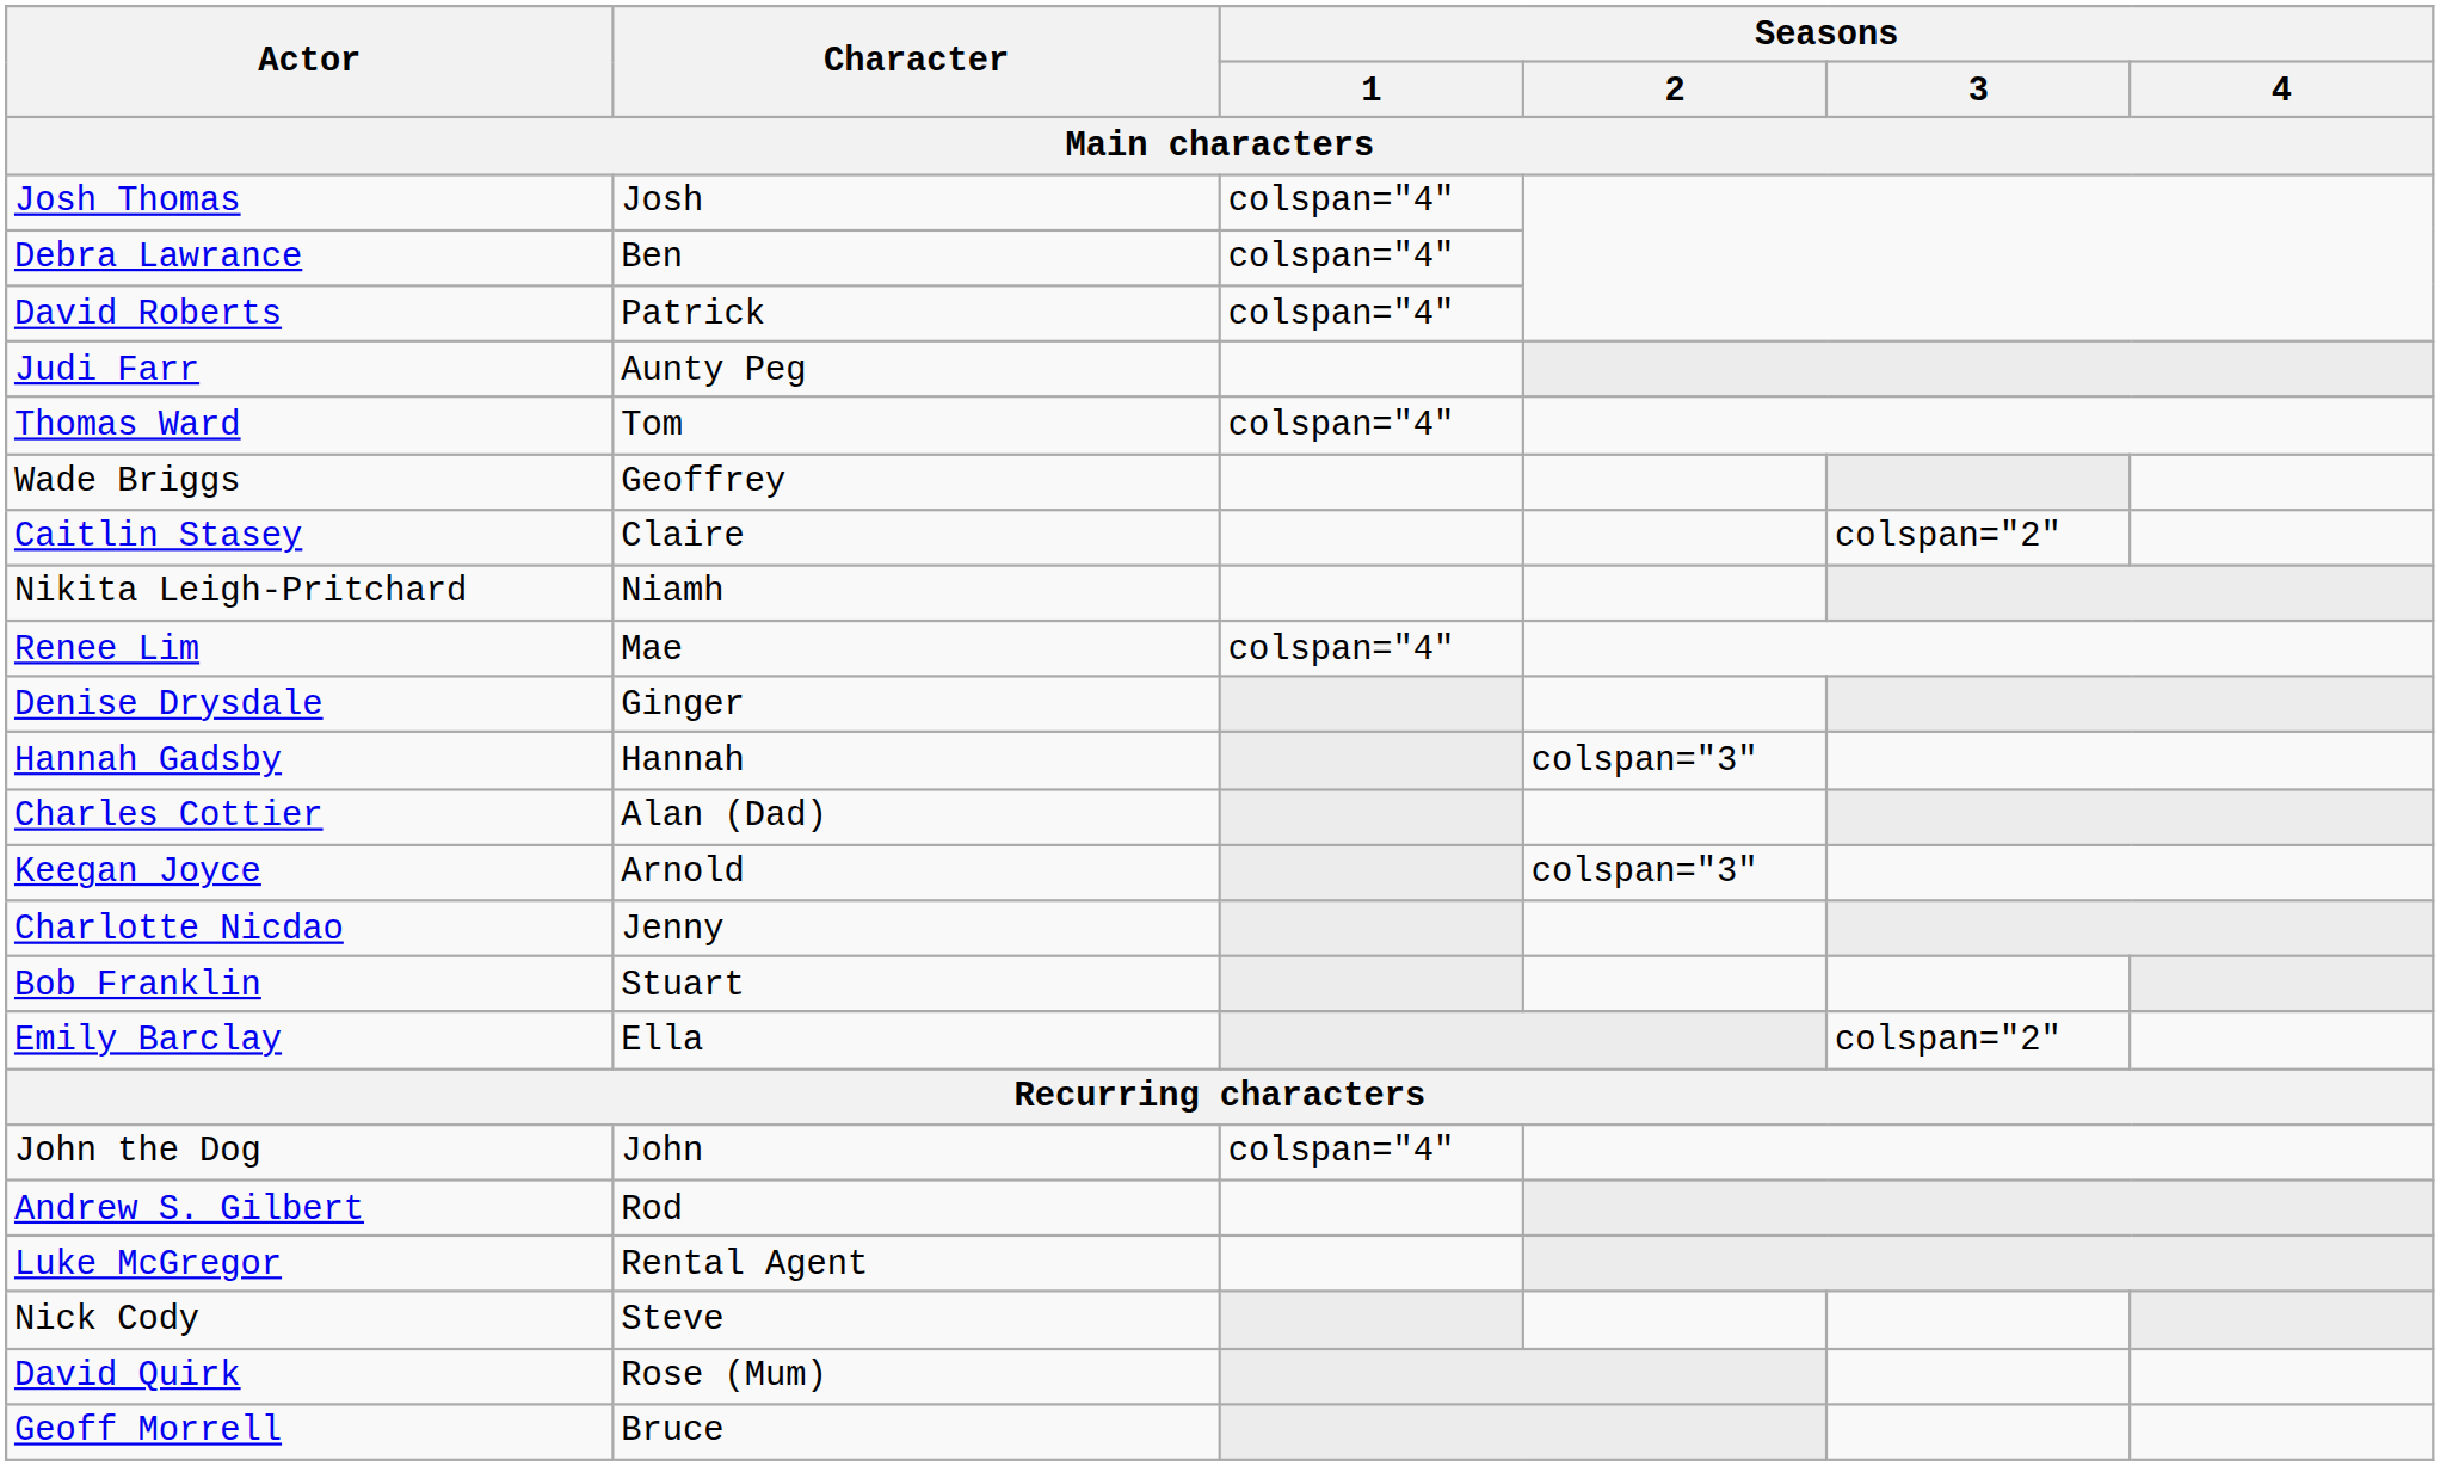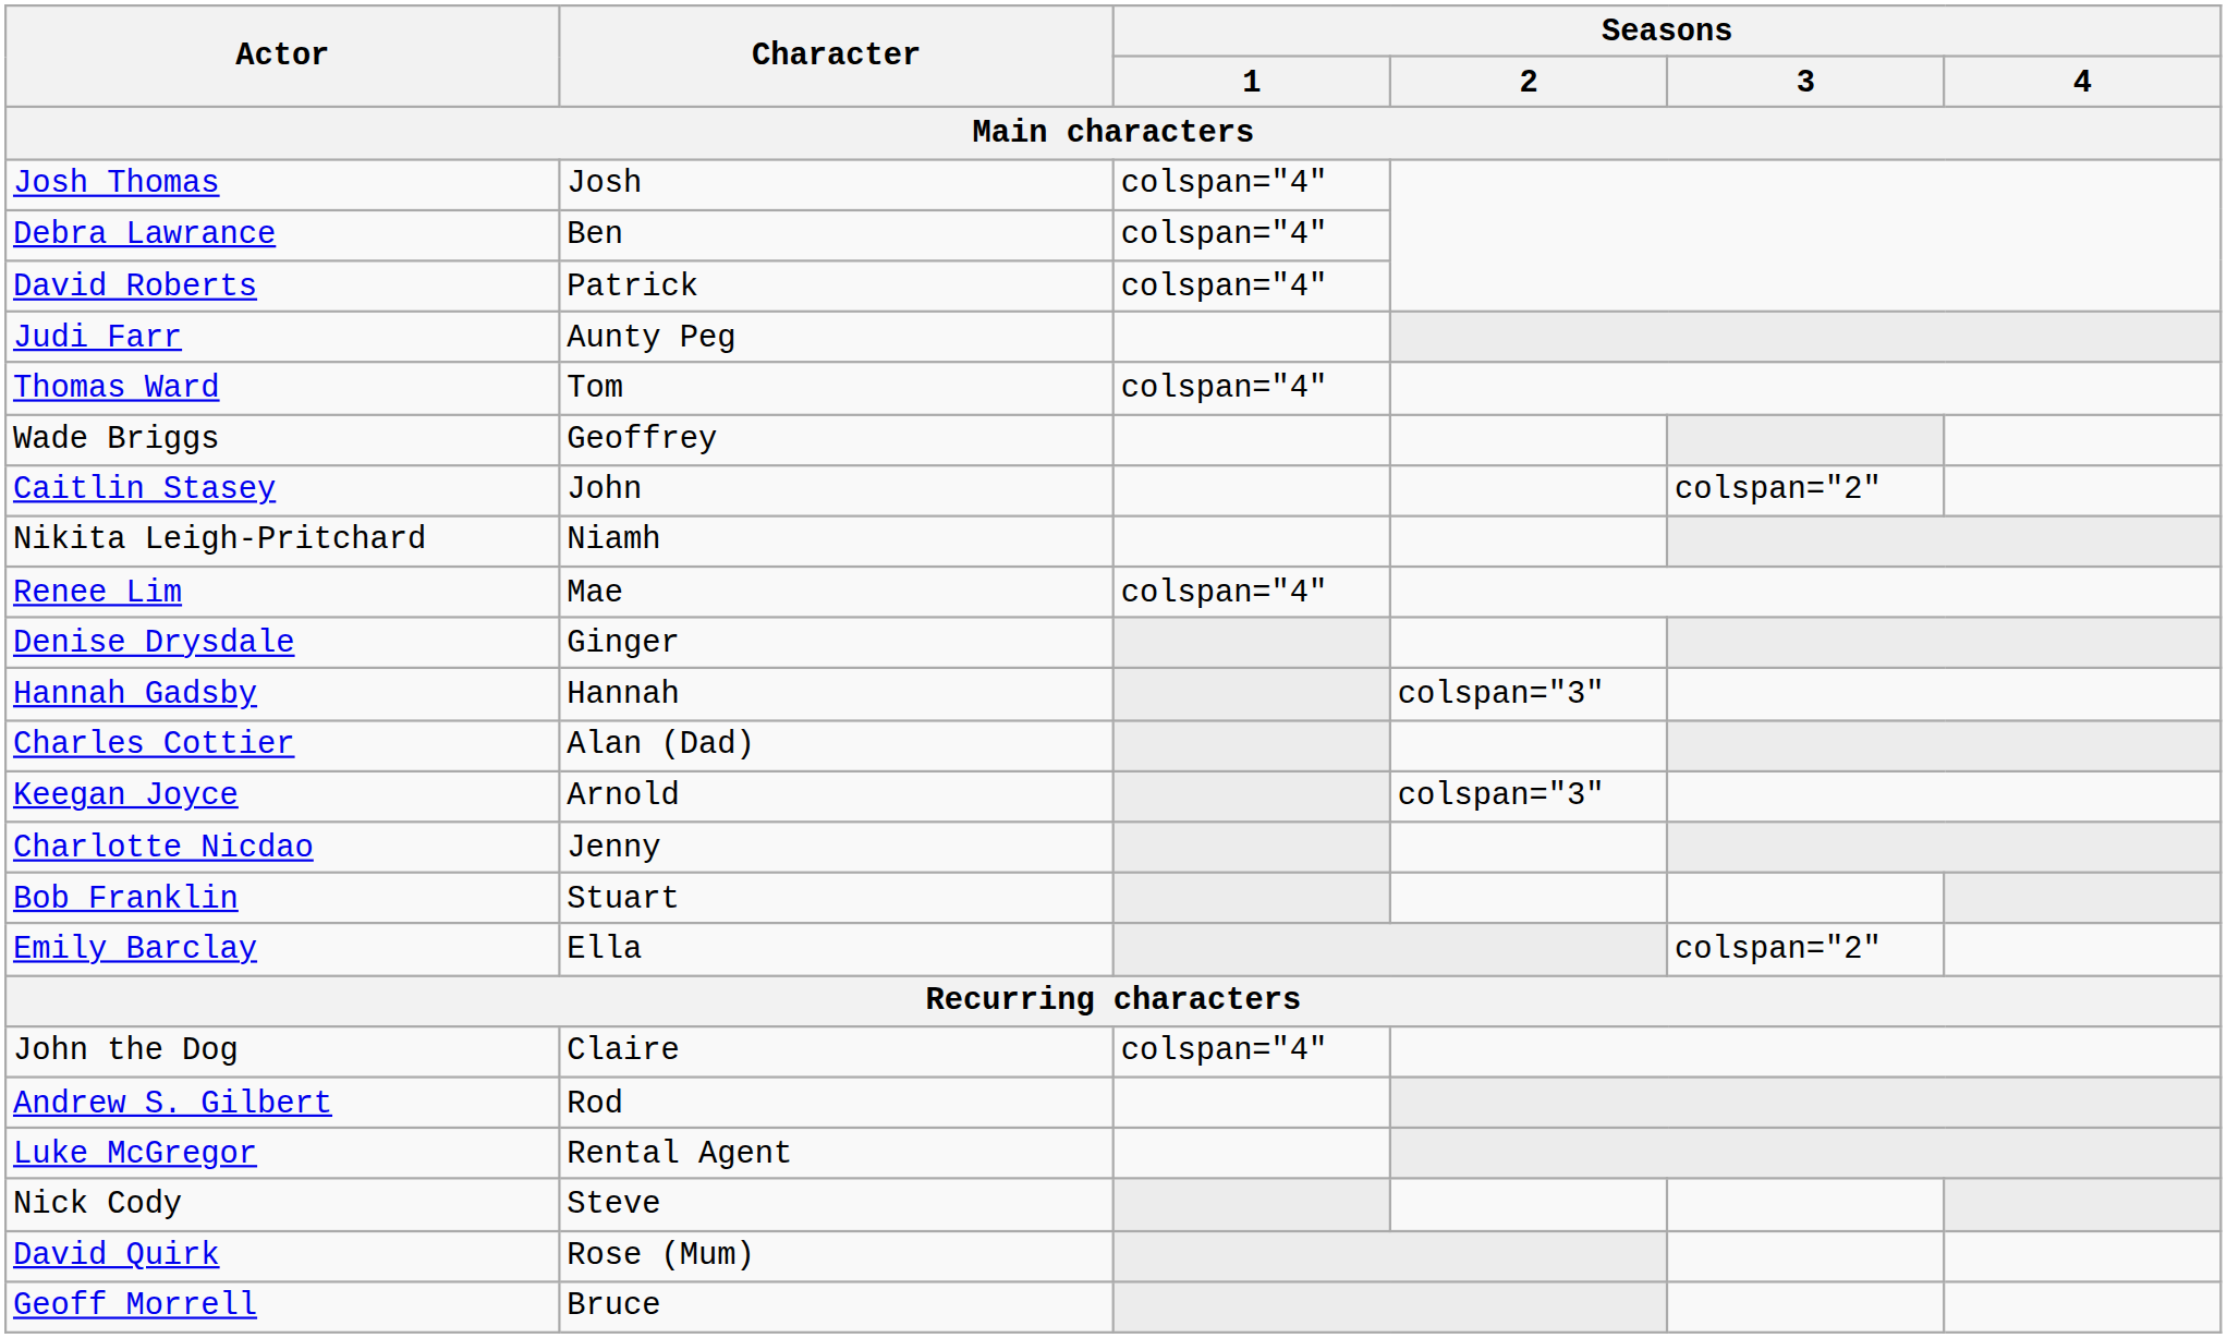 <table class="wikitable">
 <tr>
 <th style="width:20%;" rowspan="2">Actor</th>
 <th style="width:20%;" rowspan="2">Character</th>
 <th colspan="6">Seasons</th>
 </tr>
 <tr>
 <th style="width:10%;">1</th>
 <th style="width:10%;">2</th>
 <th style="width:10%;">3</th>
 <th style="width:10%;">4</th>
 </tr>
 <tr>
 <th colspan="8">Main characters</th>
 </tr>
 <tr>
 <td><a href='#'>Josh Thomas</a></td>
 <td>Josh</td>
 <td>colspan="4" </td>
 </tr>
 <tr>
 <td><a href='#'>Debra Lawrance</a></td>
 <td>Ben</td>
 <td>colspan="4" </td>
 </tr>
 <tr>
 <td><a href='#'>David Roberts</a></td>
 <td>Patrick</td>
 <td>colspan="4" </td>
 </tr>
 <tr>
 <td><a href='#'>Judi Farr</a></td>
 <td>Aunty Peg</td>
 <td></td>
 <td colspan="3" style="background: #ececec; color: grey; vertical-align: middle; text-align: center; " class="table-na"></td>
 </tr>
 <tr>
 <td><a href='#'>Thomas Ward</a></td>
 <td>Tom</td>
 <td>colspan="4" </td>
 </tr>
 <tr>
 <td>Wade Briggs</td>
 <td>Geoffrey</td>
 <td></td>
 <td></td>
 <td style="background: #ececec; color: grey; vertical-align: middle; text-align: center; " class="table-na"></td>
 <td></td>
 </tr>
 <tr>
 <td><a href='#'>Caitlin Stasey</a></td>
-<td>Claire</td>
+<td>John</td>
 <td></td>
 <td></td>
 <td>colspan="2" </td>
 </tr>
 <tr>
 <td>Nikita Leigh-Pritchard</td>
 <td>Niamh</td>
 <td></td>
 <td></td>
 <td colspan="2" style="background: #ececec; color: grey; vertical-align: middle; text-align: center; " class="table-na"></td>
 </tr>
 <tr>
 <td><a href='#'>Renee Lim</a></td>
 <td>Mae</td>
 <td>colspan="4" </td>
 </tr>
 <tr>
 <td><a href='#'>Denise Drysdale</a></td>
 <td>Ginger</td>
 <td style="background: #ececec; color: grey; vertical-align: middle; text-align: center; " class="table-na"></td>
 <td></td>
 <td colspan="2" style="background: #ececec; color: grey; vertical-align: middle; text-align: center; " class="table-na"></td>
 </tr>
 <tr>
 <td><a href='#'>Hannah Gadsby</a></td>
 <td>Hannah</td>
 <td style="background: #ececec; color: grey; vertical-align: middle; text-align: center; " class="table-na"></td>
 <td>colspan="3" </td>
 </tr>
 <tr>
 <td><a href='#'>Charles Cottier</a></td>
 <td>Alan (Dad)</td>
 <td style="background: #ececec; color: grey; vertical-align: middle; text-align: center; " class="table-na"></td>
 <td></td>
 <td colspan="2" style="background: #ececec; color: grey; vertical-align: middle; text-align: center; " class="table-na"></td>
 </tr>
 <tr>
 <td><a href='#'>Keegan Joyce</a></td>
 <td>Arnold</td>
 <td style="background: #ececec; color: grey; vertical-align: middle; text-align: center; " class="table-na"></td>
 <td>colspan="3" </td>
 </tr>
 <tr>
 <td><a href='#'>Charlotte Nicdao</a></td>
 <td>Jenny</td>
 <td style="background: #ececec; color: grey; vertical-align: middle; text-align: center; " class="table-na"></td>
 <td></td>
 <td colspan="2" style="background: #ececec; color: grey; vertical-align: middle; text-align: center; " class="table-na"></td>
 </tr>
 <tr>
 <td><a href='#'>Bob Franklin</a></td>
 <td>Stuart</td>
 <td style="background: #ececec; color: grey; vertical-align: middle; text-align: center; " class="table-na"></td>
 <td></td>
 <td></td>
 <td style="background: #ececec; color: grey; vertical-align: middle; text-align: center; " class="table-na"></td>
 </tr>
 <tr>
 <td><a href='#'>Emily Barclay</a></td>
 <td>Ella</td>
 <td colspan="2" style="background: #ececec; color: grey; vertical-align: middle; text-align: center; " class="table-na"></td>
 <td>colspan="2" </td>
 </tr>
 <tr>
 <th colspan="8">Recurring characters</th>
 </tr>
 <tr>
 <td>John the Dog</td>
-<td>John</td>
+<td>Claire</td>
 <td>colspan="4" </td>
 </tr>
 <tr>
 <td><a href='#'>Andrew S. Gilbert</a></td>
 <td>Rod</td>
 <td></td>
 <td colspan="3" style="background: #ececec; color: grey; vertical-align: middle; text-align: center; " class="table-na"></td>
 </tr>
 <tr>
 <td><a href='#'>Luke McGregor</a></td>
 <td>Rental Agent</td>
 <td></td>
 <td colspan="3" style="background: #ececec; color: grey; vertical-align: middle; text-align: center; " class="table-na"></td>
 </tr>
 <tr>
 <td>Nick Cody</td>
 <td>Steve</td>
 <td style="background: #ececec; color: grey; vertical-align: middle; text-align: center; " class="table-na"></td>
 <td></td>
 <td></td>
 <td style="background: #ececec; color: grey; vertical-align: middle; text-align: center; " class="table-na"></td>
 </tr>
 <tr>
 <td><a href='#'>David Quirk</a></td>
 <td>Rose (Mum)</td>
 <td colspan="2" style="background: #ececec; color: grey; vertical-align: middle; text-align: center; " class="table-na"></td>
 <td></td>
 <td></td>
 </tr>
 <tr>
 <td><a href='#'>Geoff Morrell</a></td>
 <td>Bruce</td>
 <td colspan="2" style="background: #ececec; color: grey; vertical-align: middle; text-align: center; " class="table-na"></td>
 <td></td>
 <td></td>
 </tr>
 </table>
